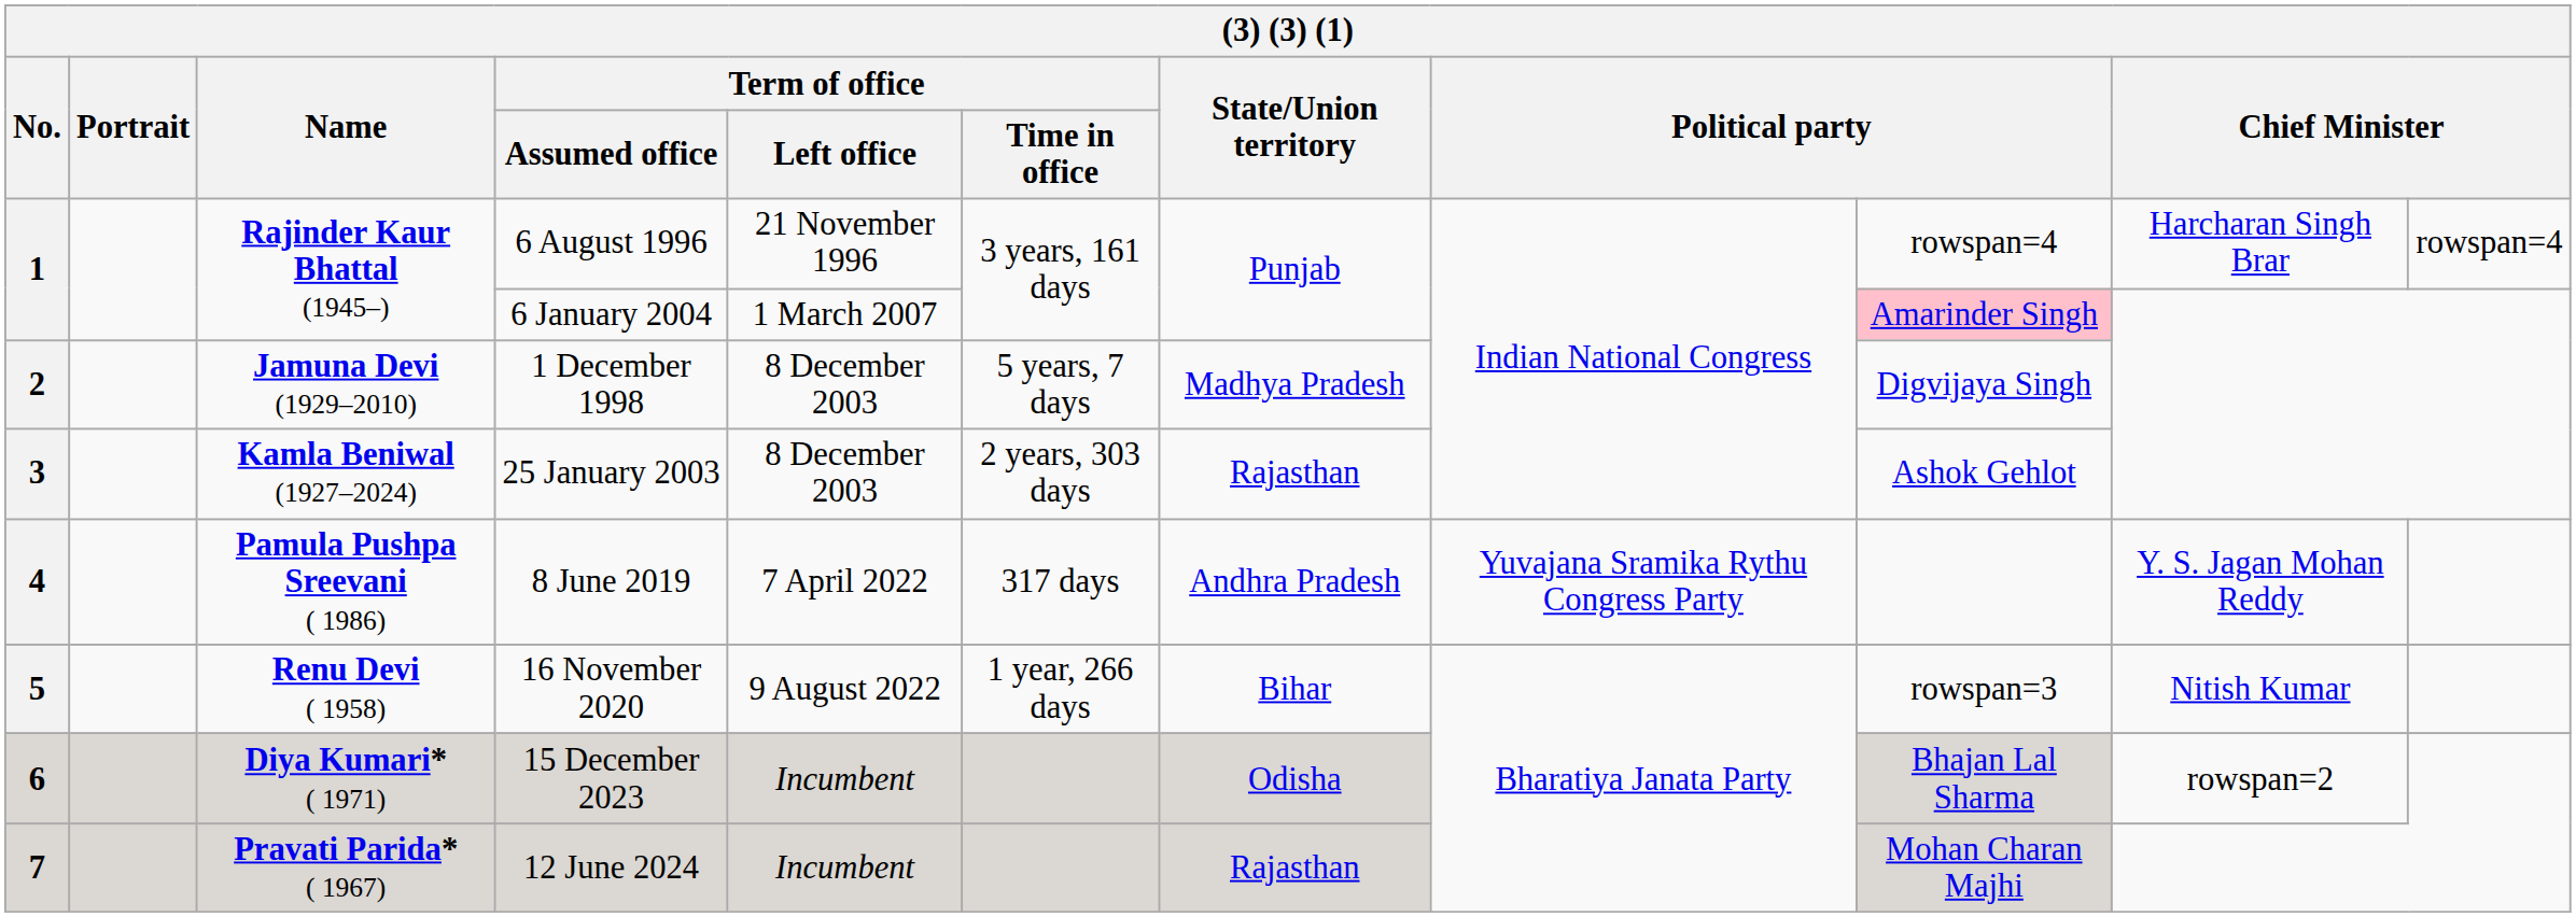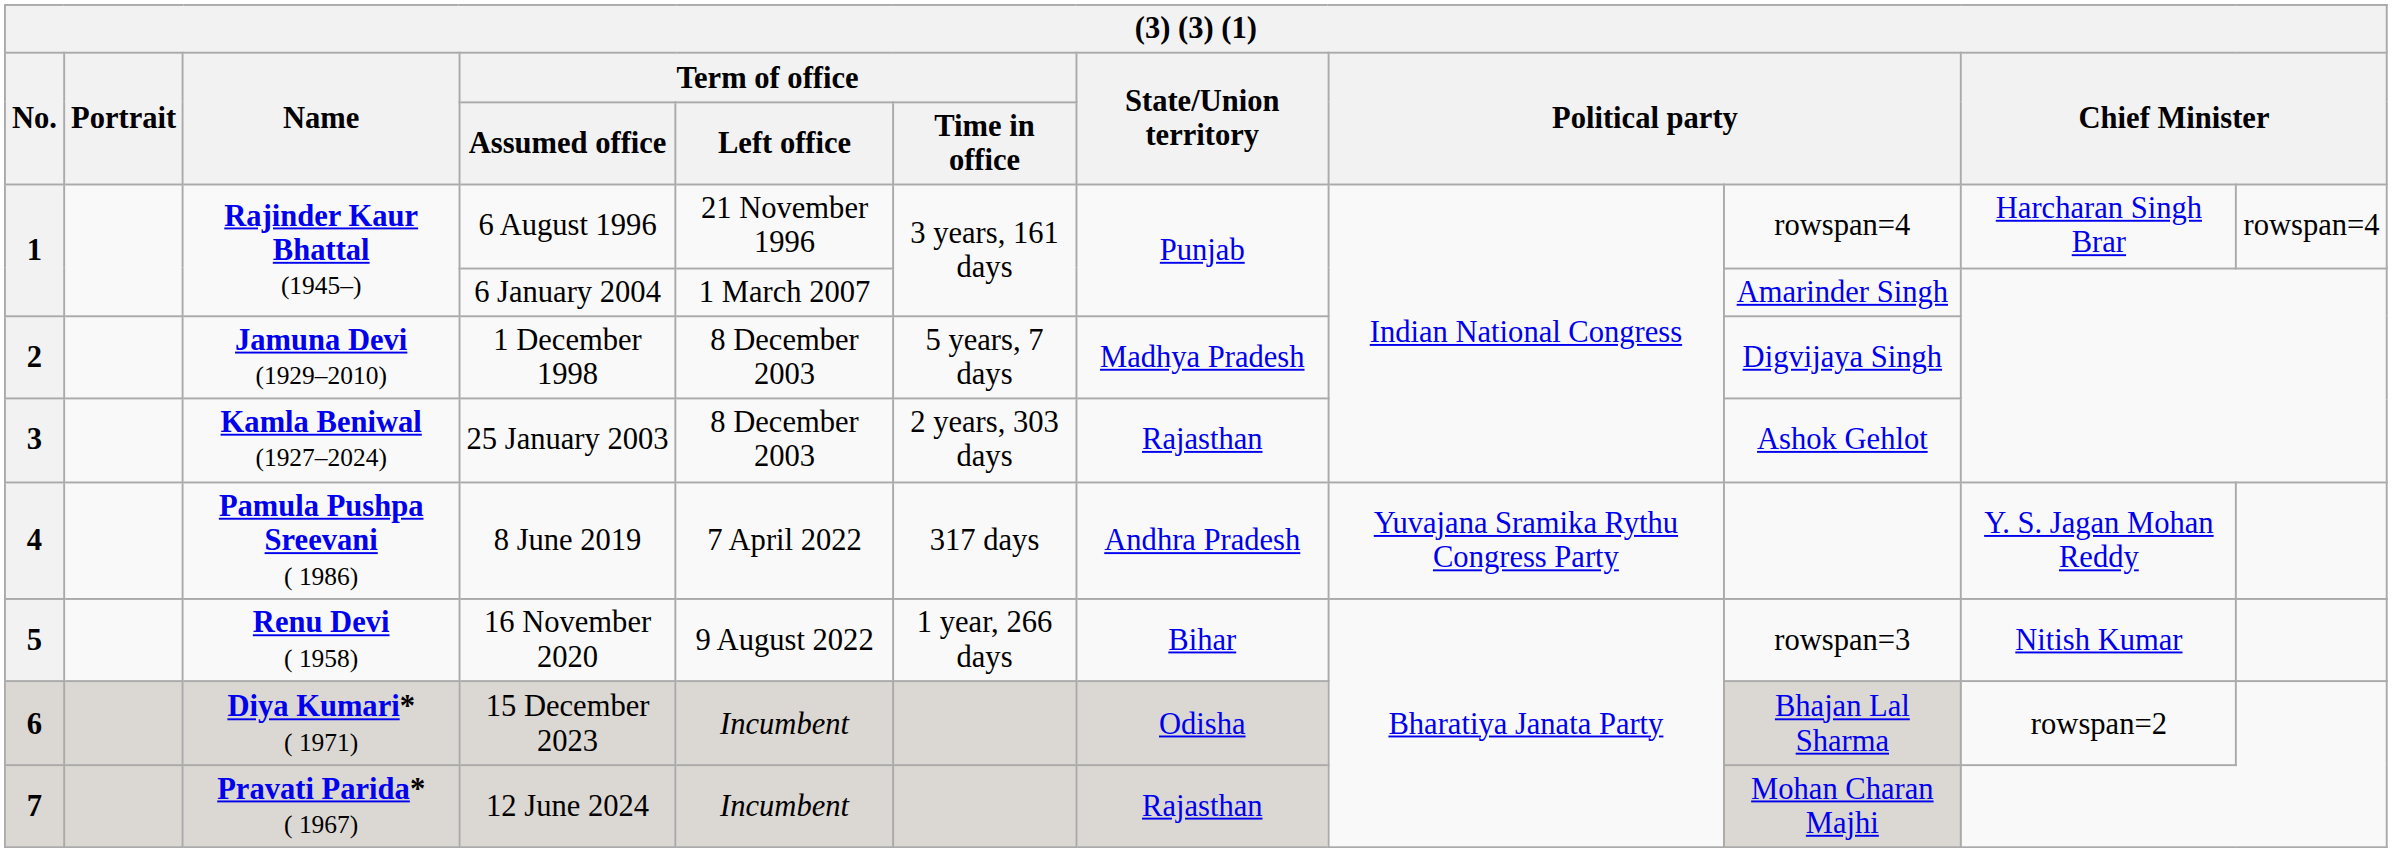 <table class="wikitable sortable" style="text-align:center;">
 <tr>
 <th colspan=12> (3) (3) (1)</th>
 </tr>
 <tr>
 <th rowspan=2>No.</th>
 <th rowspan=2>Portrait</th>
 <th rowspan=2>Name<br><small></small></th>
 <th colspan=3>Term of office</th>
 <th rowspan=2>State/Union territory</th>
 <th rowspan=2 colspan=2>Political party</th>
 <th colspan=2 rowspan=2>Chief Minister</th>
 </tr>
 <tr>
 <th>Assumed office</th>
 <th>Left office</th>
 <th>Time in office</th>
 </tr>
 <tr>
 <th rowspan=2>1</th>
 <td rowspan=2></td>
 <td rowspan=2><strong><a href='#'>Rajinder Kaur Bhattal</a></strong><br><small>(1945–)</small></td>
 <td>6 August 1996</td>
 <td>21 November 1996</td>
 <td rowspan=2>3 years, 161 days</td>
 <td rowspan=2><a href='#'>Punjab</a></td>
 <td rowspan=4><a href='#'>Indian National Congress</a></td>
 <td>rowspan=4 </td>
 <td><a href='#'>Harcharan Singh Brar</a></td>
 <td>rowspan=4 </td>
 </tr>
 <tr>
 <td>6 January 2004</td>
 <td>1 March 2007</td>
-<td style="background: pink;"><a href='#'>Amarinder Singh</a></td>
+<td><a href='#'>Amarinder Singh</a></td>
 </tr>
 <tr>
 <th>2</th>
 <td></td>
 <td><strong><a href='#'>Jamuna Devi</a></strong><br><small>(1929–2010)</small></td>
 <td>1 December 1998</td>
 <td>8 December 2003</td>
 <td>5 years, 7 days</td>
 <td><a href='#'>Madhya Pradesh</a></td>
 <td><a href='#'>Digvijaya Singh</a></td>
 </tr>
 <tr>
 <th>3</th>
 <td></td>
 <td><strong><a href='#'>Kamla Beniwal</a></strong><br><small>(1927–2024)</small></td>
 <td>25 January 2003</td>
 <td>8 December 2003</td>
 <td>2 years, 303 days</td>
 <td><a href='#'>Rajasthan</a></td>
 <td><a href='#'>Ashok Gehlot</a></td>
 </tr>
 <tr>
 <th>4</th>
 <td></td>
 <td><strong><a href='#'>Pamula Pushpa Sreevani</a></strong><br><small>( 1986)</small></td>
 <td>8 June 2019</td>
 <td>7 April 2022</td>
 <td>317 days</td>
 <td><a href='#'>Andhra Pradesh</a></td>
 <td><a href='#'>Yuvajana Sramika Rythu Congress Party</a></td>
 <td></td>
 <td><a href='#'>Y. S. Jagan Mohan Reddy</a></td>
 <td></td>
 </tr>
 <tr>
 <th>5</th>
 <td></td>
 <td><strong><a href='#'>Renu Devi</a></strong><br><small>( 1958)</small></td>
 <td>16 November 2020</td>
 <td>9 August 2022</td>
 <td>1 year, 266 days</td>
 <td><a href='#'>Bihar</a></td>
 <td rowspan=3><a href='#'>Bharatiya Janata Party</a></td>
 <td>rowspan=3 </td>
 <td><a href='#'>Nitish Kumar</a></td>
 <td></td>
 </tr>
 <tr>
 <th style="background:#DBD7D2;">6</th>
 <td style="background:#DBD7D2;"></td>
 <td style="background:#DBD7D2;"><strong><a href='#'>Diya Kumari</a>*</strong><br><small>( 1971)</small></td>
 <td style="background:#DBD7D2;">15 December 2023</td>
 <td style="background:#DBD7D2;"><em>Incumbent</em></td>
 <td style="background:#DBD7D2;"></td>
 <td style="background:#DBD7D2;"><a href='#'>Odisha</a></td>
 <td style="background:#DBD7D2;"><a href='#'>Bhajan Lal Sharma</a></td>
 <td>rowspan=2 </td>
 </tr>
 <tr>
 <th style="background:#DBD7D2;">7</th>
 <td style="background:#DBD7D2;"></td>
 <td style="background:#DBD7D2;"><strong><a href='#'>Pravati Parida</a>*</strong><br><small>( 1967)</small></td>
 <td style="background:#DBD7D2;">12 June 2024</td>
 <td style="background:#DBD7D2;"><em>Incumbent</em></td>
 <td style="background:#DBD7D2;"></td>
 <td style="background:#DBD7D2;"><a href='#'>Rajasthan</a></td>
 <td style="background:#DBD7D2;"><a href='#'>Mohan Charan Majhi</a></td>
 </tr>
 </table>
